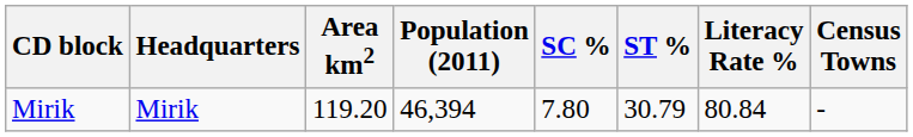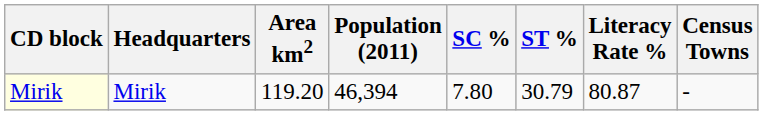 <table class="wikitable sortable">
 <tr>
 <th>CD block</th>
 <th>Headquarters</th>
 <th>Area<br>km<sup>2</sup></th>
 <th>Population<br>(2011)</th>
 <th><a href='#'>SC</a> %</th>
 <th><a href='#'>ST</a> %</th>
 <th>Literacy<br> Rate %</th>
 <th>Census<br>Towns</th>
 </tr>
 <tr>
-<td><a href='#'>Mirik</a></td>
+<td style="background: lightyellow;"><a href='#'>Mirik</a></td>
 <td><a href='#'>Mirik</a></td>
 <td>119.20</td>
 <td>46,394</td>
 <td>7.80</td>
 <td>30.79</td>
-<td>80.84</td>
+<td>80.87</td>
 <td>-</td>
 </tr>
 </table>
